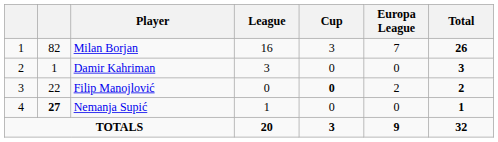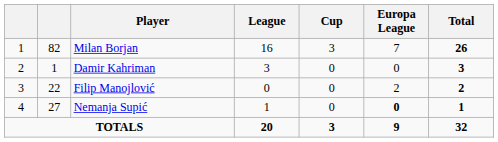 <table class="wikitable" style="font-size: 95%; text-align: center;">
 <tr>
 <th width=35></th>
 <th width=35></th>
 <th width=200>Player</th>
 <th width=75>League</th>
 <th width=75>Cup</th>
 <th width=75>Europa League</th>
 <th width=75>Total</th>
 </tr>
 <tr>
 <td>1</td>
 <td>82</td>
 <td align=left> <a href='#'>Milan Borjan</a></td>
 <td>16</td>
 <td>3</td>
 <td>7</td>
 <td><strong>26</strong></td>
 </tr>
 <tr>
 <td>2</td>
 <td>1</td>
 <td align=left> <a href='#'>Damir Kahriman</a></td>
 <td>3</td>
 <td>0</td>
 <td>0</td>
 <td><strong>3</strong></td>
 </tr>
 <tr>
 <td>3</td>
 <td>22</td>
 <td align=left> <a href='#'>Filip Manojlović</a></td>
 <td>0</td>
-<td><strong>0</strong></td>
+<td>0</td>
 <td>2</td>
 <td><strong>2</strong></td>
 </tr>
 <tr>
 <td>4</td>
-<td><strong>27</strong></td>
+<td>27</td>
 <td align=left> <a href='#'>Nemanja Supić</a></td>
 <td>1</td>
 <td>0</td>
-<td>0</td>
+<td><strong>0</strong></td>
 <td><strong>1</strong></td>
 </tr>
 <tr>
 <td colspan=3><strong>TOTALS</strong></td>
 <td><strong>20</strong></td>
 <td><strong>3</strong></td>
 <td><strong>9</strong></td>
 <td><strong>32</strong></td>
 </tr>
 </table>
